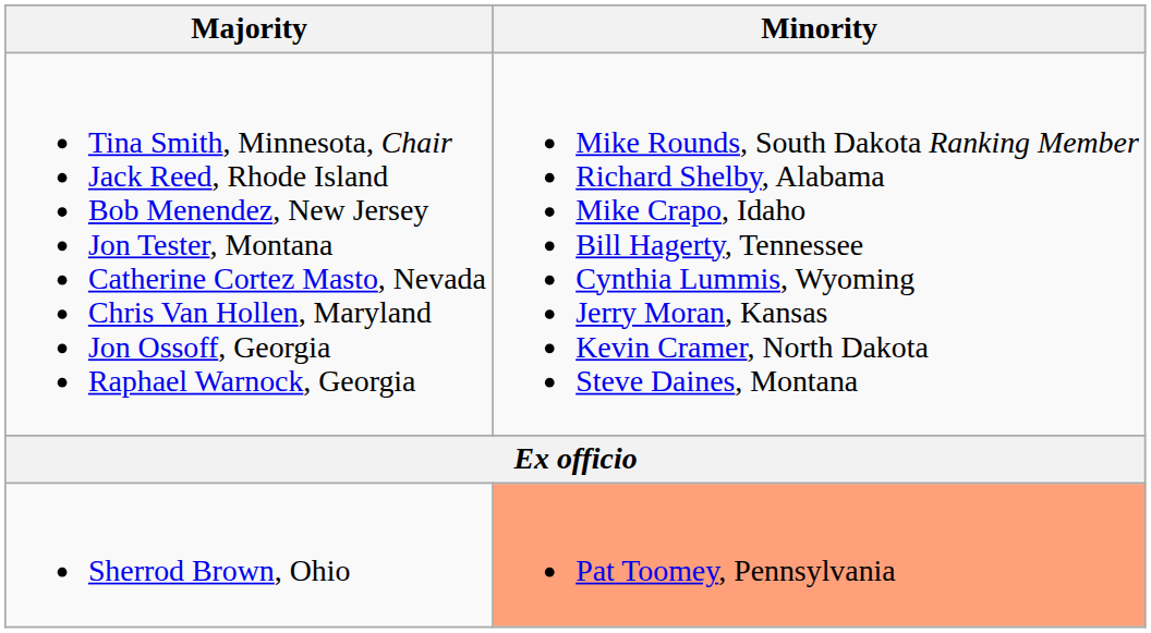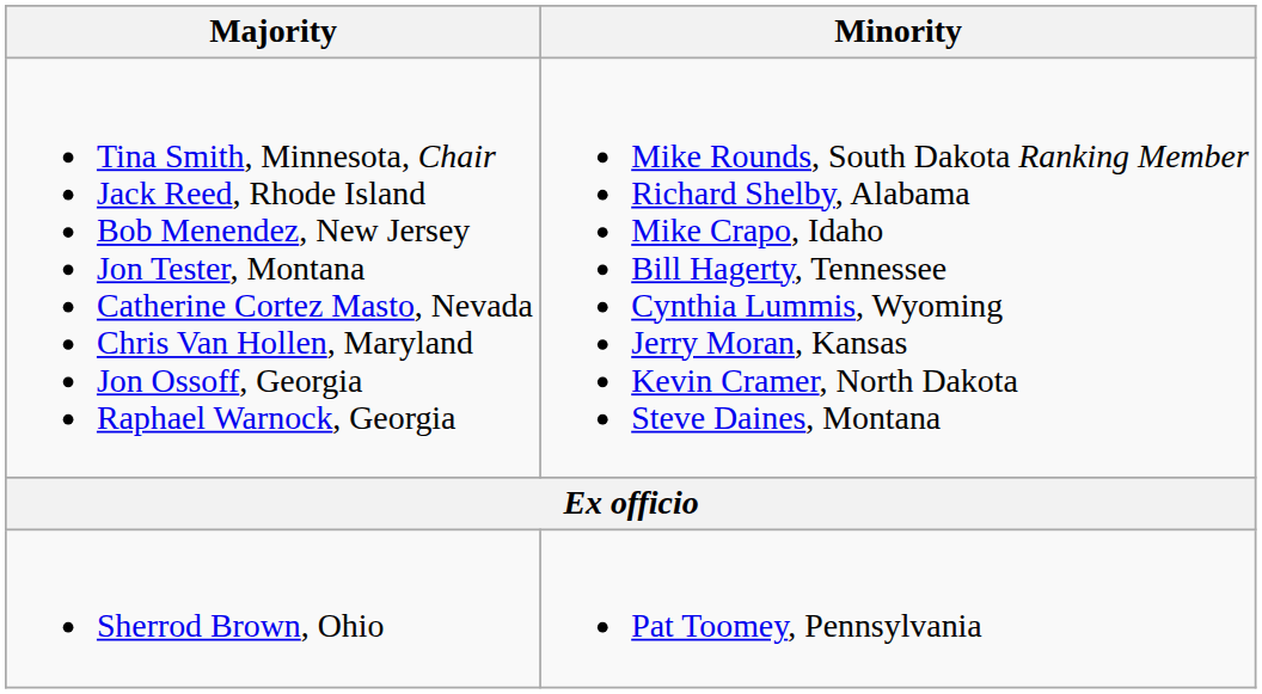 <table class="wikitable">
 <tr>
 <th>Majority</th>
 <th>Minority</th>
 </tr>
 <tr>
 <td><br><ul><li><a href='#'>Tina Smith</a>, Minnesota, <em>Chair</em></li><li><a href='#'>Jack Reed</a>, Rhode Island</li><li><a href='#'>Bob Menendez</a>, New Jersey</li><li><a href='#'>Jon Tester</a>, Montana</li><li><a href='#'>Catherine Cortez Masto</a>, Nevada</li><li><a href='#'>Chris Van Hollen</a>, Maryland</li><li><a href='#'>Jon Ossoff</a>, Georgia</li><li><a href='#'>Raphael Warnock</a>, Georgia</li></ul></td>
 <td><br><ul><li><a href='#'>Mike Rounds</a>, South Dakota <em>Ranking Member</em></li><li><a href='#'>Richard Shelby</a>, Alabama</li><li><a href='#'>Mike Crapo</a>, Idaho</li><li><a href='#'>Bill Hagerty</a>, Tennessee</li><li><a href='#'>Cynthia Lummis</a>, Wyoming</li><li><a href='#'>Jerry Moran</a>, Kansas</li><li><a href='#'>Kevin Cramer</a>, North Dakota</li><li><a href='#'>Steve Daines</a>, Montana</li></ul></td>
 </tr>
 <tr>
 <th colspan="2"><em>Ex officio</em></th>
 </tr>
 <tr>
 <td><br><ul><li><a href='#'>Sherrod Brown</a>, Ohio</li></ul></td>
-<td style="background: lightsalmon;"><br><ul><li><a href='#'>Pat Toomey</a>, Pennsylvania</li></ul></td>
+<td><br><ul><li><a href='#'>Pat Toomey</a>, Pennsylvania</li></ul></td>
 </tr>
 </table>
